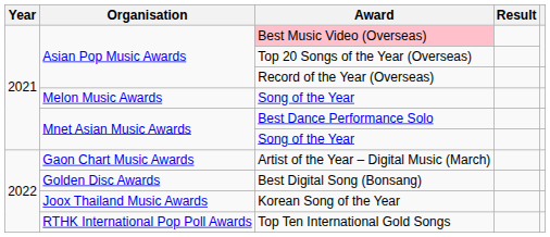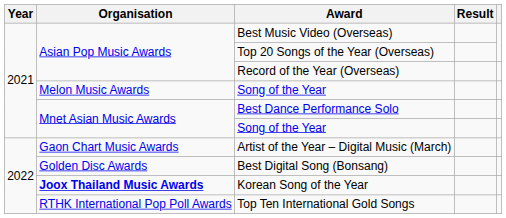 <table class="wikitable plainrowheaders">
 <tr align=center>
 <th scope="col">Year</th>
 <th scope="col">Organisation</th>
 <th scope="col">Award</th>
 <th scope="col">Result</th>
 <th scope="col"></th>
 </tr>
 <tr>
 <td style="text-align:center" rowspan="6">2021</td>
 <td rowspan="3"><a href='#'>Asian Pop Music Awards</a></td>
-<td style="background: pink;">Best Music Video (Overseas)</td>
+<td>Best Music Video (Overseas)</td>
 <td></td>
 <td style="text-align:center" rowspan="2"></td>
 </tr>
 <tr>
 <td>Top 20 Songs of the Year (Overseas)</td>
 <td></td>
 </tr>
 <tr>
 <td>Record of the Year (Overseas)</td>
 <td></td>
 <td style="text-align:center"></td>
 </tr>
 <tr>
 <td><a href='#'>Melon Music Awards</a></td>
 <td><a href='#'>Song of the Year</a></td>
 <td></td>
 <td style="text-align:center"></td>
 </tr>
 <tr>
 <td rowspan="2"><a href='#'>Mnet Asian Music Awards</a></td>
 <td><a href='#'>Best Dance Performance Solo</a></td>
 <td></td>
 <td style="text-align:center"></td>
 </tr>
 <tr>
 <td><a href='#'>Song of the Year</a></td>
 <td></td>
 <td style="text-align:center"></td>
 </tr>
 <tr>
 <td style="text-align:center" rowspan="4">2022</td>
 <td><a href='#'>Gaon Chart Music Awards</a></td>
 <td>Artist of the Year – Digital Music (March)</td>
 <td></td>
 <td style="text-align:center"></td>
 </tr>
 <tr>
 <td><a href='#'>Golden Disc Awards</a></td>
 <td>Best Digital Song (Bonsang)</td>
 <td></td>
 <td style="text-align:center"></td>
 </tr>
 <tr>
-<td><a href='#'>Joox Thailand Music Awards</a></td>
+<td><strong><a href='#'>Joox Thailand Music Awards</a></strong></td>
 <td>Korean Song of the Year</td>
 <td></td>
 <td style="text-align:center"></td>
 </tr>
 <tr>
 <td><a href='#'>RTHK International Pop Poll Awards</a></td>
 <td>Top Ten International Gold Songs</td>
 <td></td>
 <td style="text-align:center"></td>
 </tr>
 </table>
